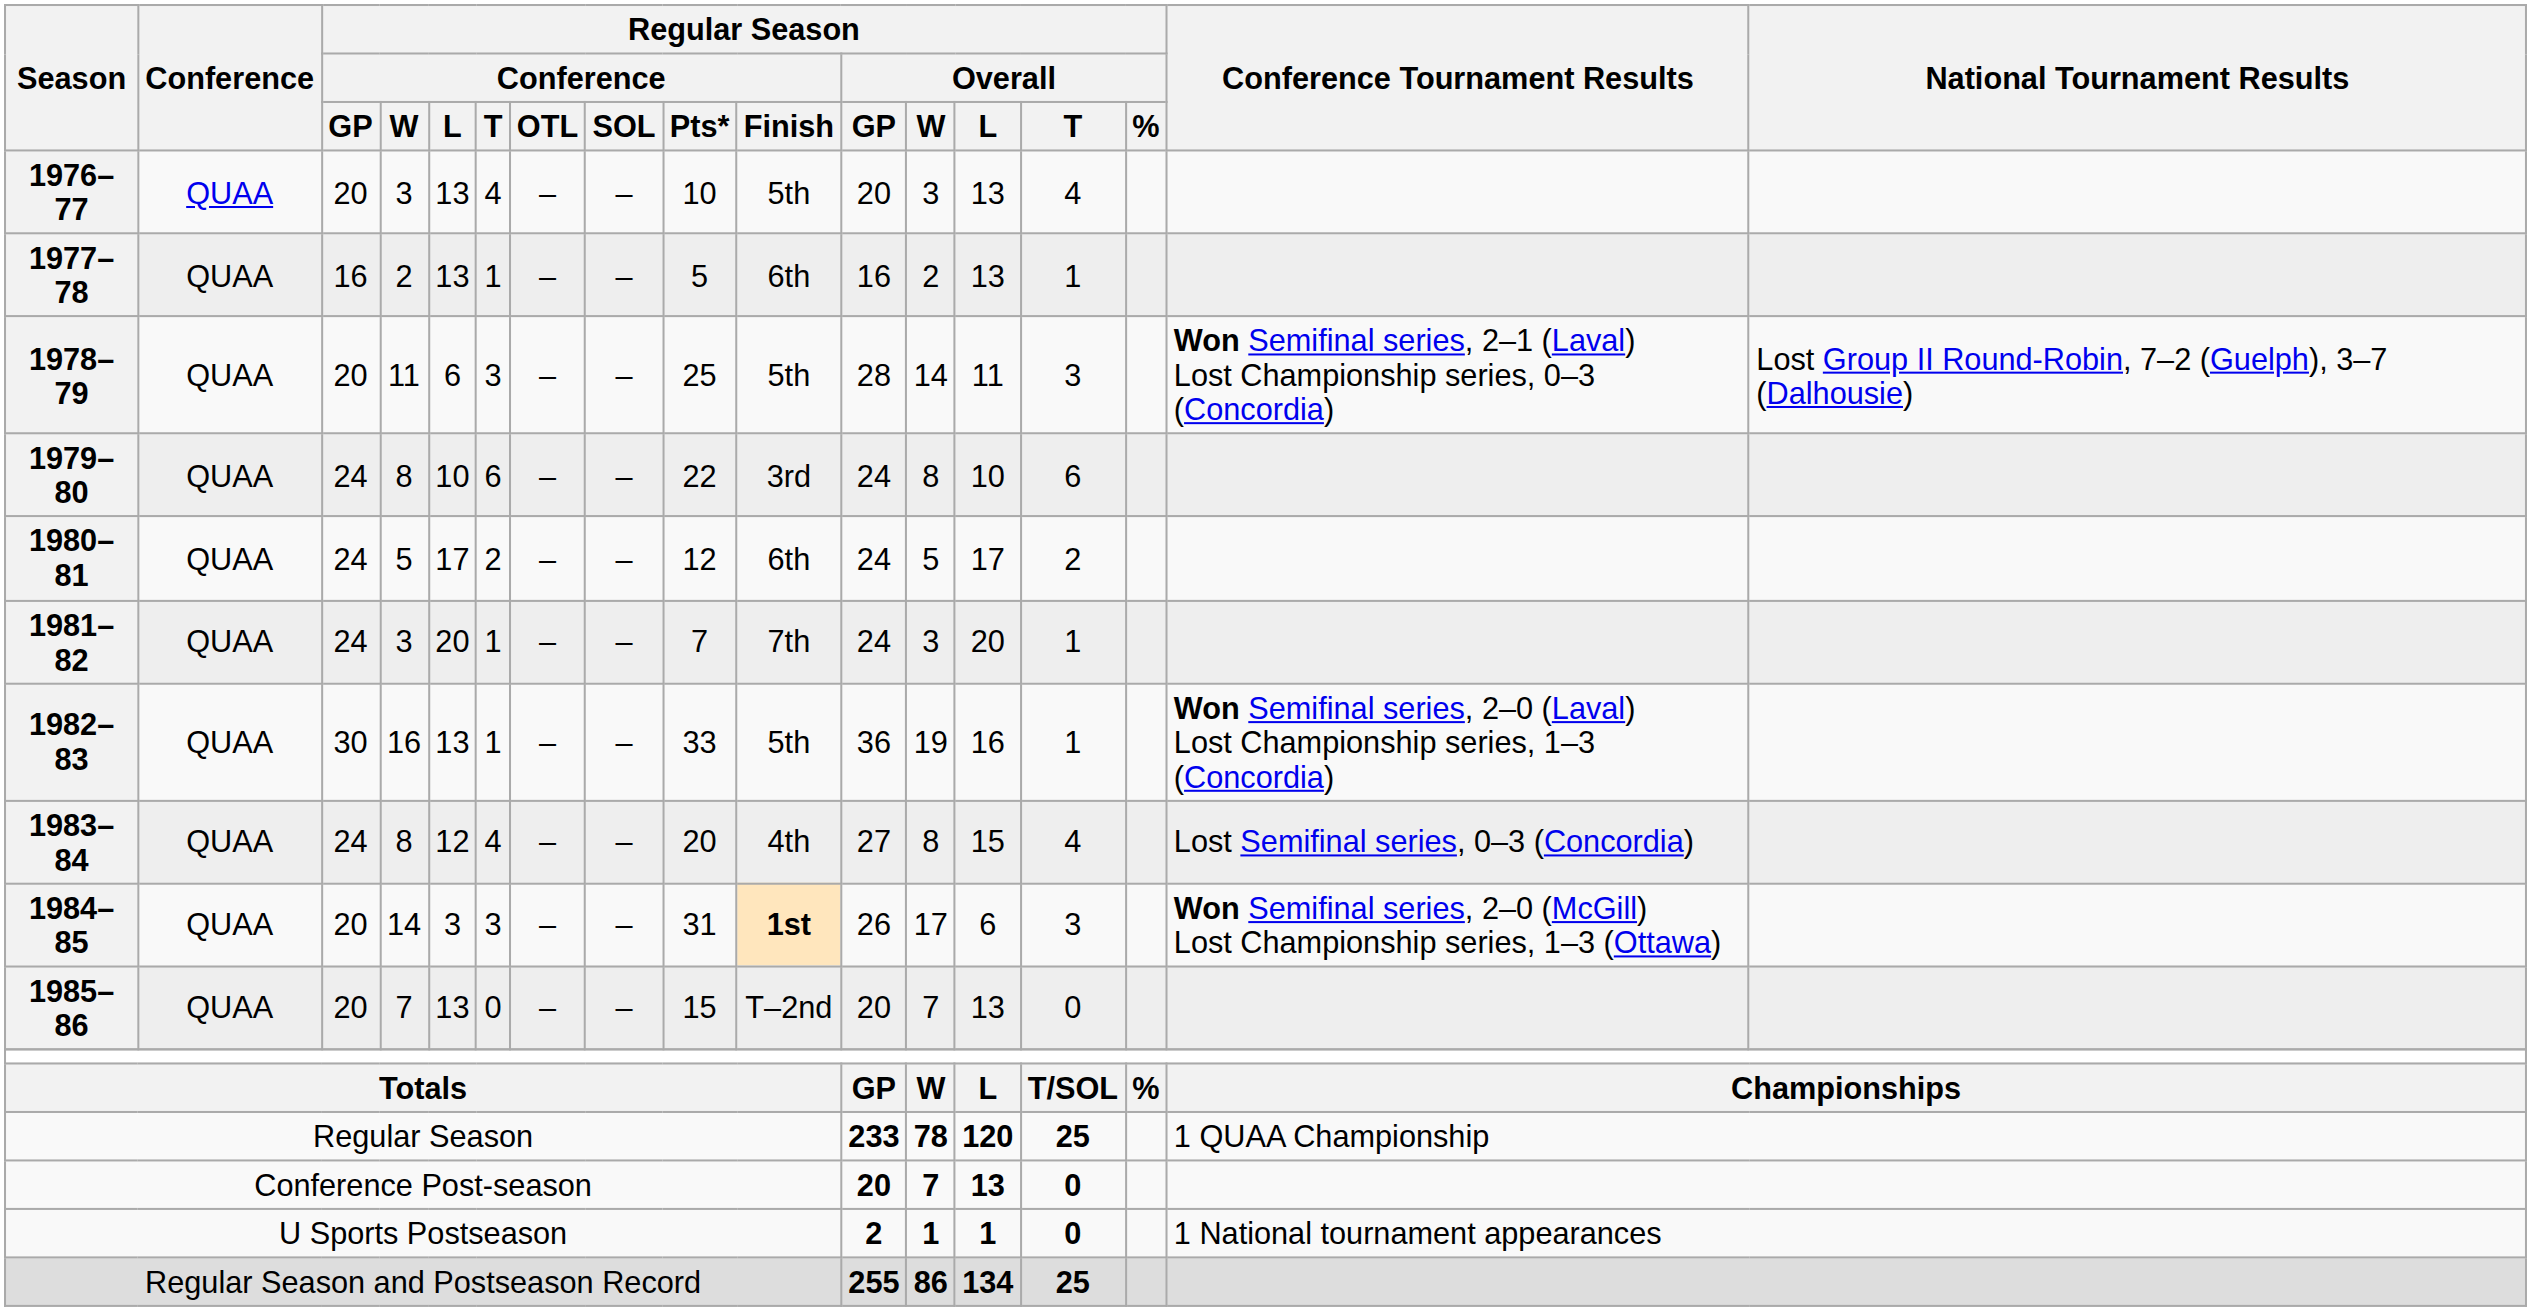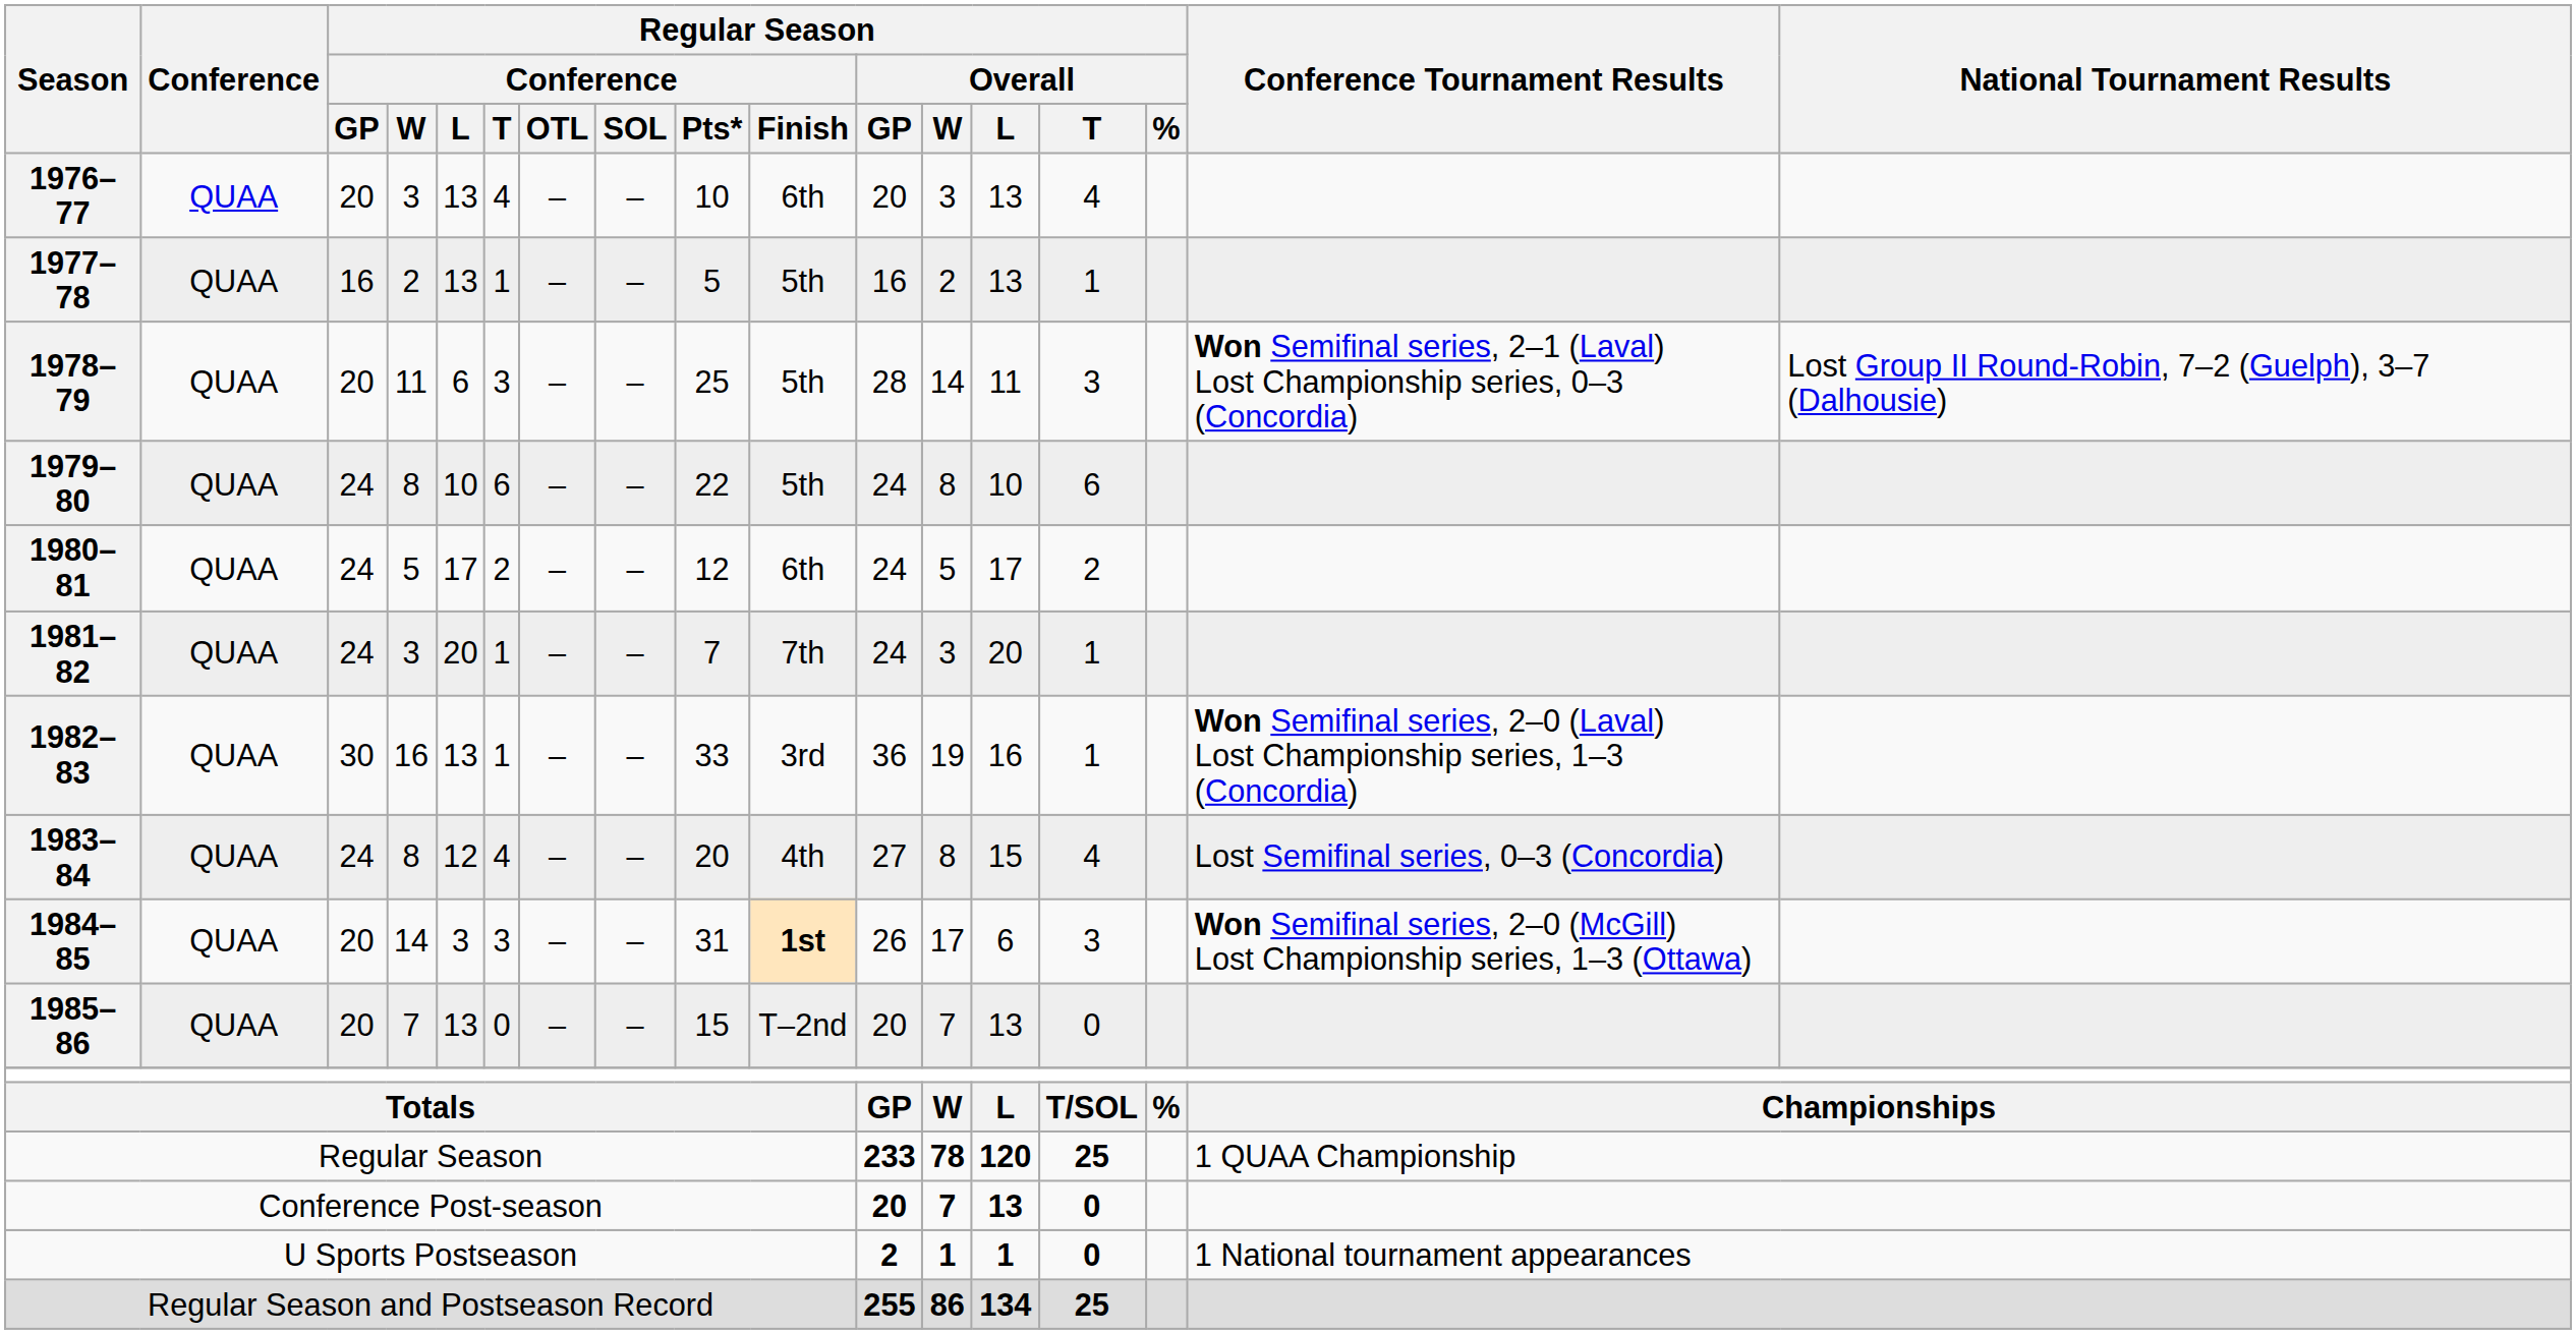 <table class="wikitable" style="text-align: center; font-size: 95%">
 <tr>
 <th rowspan="3">Season</th>
 <th rowspan="3">Conference</th>
 <th colspan="13">Regular Season</th>
 <th rowspan="3">Conference Tournament Results</th>
 <th rowspan="3">National Tournament Results</th>
 </tr>
 <tr>
 <th colspan="8">Conference</th>
 <th colspan="5">Overall</th>
 </tr>
 <tr>
 <th>GP</th>
 <th>W</th>
 <th>L</th>
 <th>T</th>
 <th>OTL</th>
 <th>SOL</th>
 <th>Pts*</th>
 <th>Finish</th>
 <th>GP</th>
 <th>W</th>
 <th>L</th>
 <th>T</th>
 <th>%</th>
 </tr>
 <tr>
 <th>1976–77</th>
 <td><a href='#'>QUAA</a></td>
 <td>20</td>
 <td>3</td>
 <td>13</td>
 <td>4</td>
 <td>–</td>
 <td>–</td>
 <td>10</td>
-<td>5th</td>
+<td>6th</td>
 <td>20</td>
 <td>3</td>
 <td>13</td>
 <td>4</td>
 <td></td>
 <td align="left"></td>
 <td align="left"></td>
 </tr>
 <tr bgcolor=eeeeee>
 <th>1977–78</th>
 <td>QUAA</td>
 <td>16</td>
 <td>2</td>
 <td>13</td>
 <td>1</td>
 <td>–</td>
 <td>–</td>
 <td>5</td>
-<td>6th</td>
+<td>5th</td>
 <td>16</td>
 <td>2</td>
 <td>13</td>
 <td>1</td>
 <td></td>
 <td align="left"></td>
 <td align="left"></td>
 </tr>
 <tr>
 <th>1978–79</th>
 <td>QUAA</td>
 <td>20</td>
 <td>11</td>
 <td>6</td>
 <td>3</td>
 <td>–</td>
 <td>–</td>
 <td>25</td>
 <td>5th</td>
 <td>28</td>
 <td>14</td>
 <td>11</td>
 <td>3</td>
 <td></td>
 <td align="left"><strong>Won</strong> <a href='#'>Semifinal series</a>, 2–1 (<a href='#'>Laval</a>)<br>Lost Championship series, 0–3 (<a href='#'>Concordia</a>)</td>
 <td align="left">Lost <a href='#'>Group II Round-Robin</a>, 7–2 (<a href='#'>Guelph</a>), 3–7 (<a href='#'>Dalhousie</a>)</td>
 </tr>
 <tr bgcolor=eeeeee>
 <th>1979–80</th>
 <td>QUAA</td>
 <td>24</td>
 <td>8</td>
 <td>10</td>
 <td>6</td>
 <td>–</td>
 <td>–</td>
 <td>22</td>
-<td>3rd</td>
+<td>5th</td>
 <td>24</td>
 <td>8</td>
 <td>10</td>
 <td>6</td>
 <td></td>
 <td align="left"></td>
 <td align="left"></td>
 </tr>
 <tr>
 <th>1980–81</th>
 <td>QUAA</td>
 <td>24</td>
 <td>5</td>
 <td>17</td>
 <td>2</td>
 <td>–</td>
 <td>–</td>
 <td>12</td>
 <td>6th</td>
 <td>24</td>
 <td>5</td>
 <td>17</td>
 <td>2</td>
 <td></td>
 <td align="left"></td>
 <td align="left"></td>
 </tr>
 <tr bgcolor=eeeeee>
 <th>1981–82</th>
 <td>QUAA</td>
 <td>24</td>
 <td>3</td>
 <td>20</td>
 <td>1</td>
 <td>–</td>
 <td>–</td>
 <td>7</td>
 <td>7th</td>
 <td>24</td>
 <td>3</td>
 <td>20</td>
 <td>1</td>
 <td></td>
 <td align="left"></td>
 <td align="left"></td>
 </tr>
 <tr>
 <th>1982–83</th>
 <td>QUAA</td>
 <td>30</td>
 <td>16</td>
 <td>13</td>
 <td>1</td>
 <td>–</td>
 <td>–</td>
 <td>33</td>
-<td>5th</td>
+<td>3rd</td>
 <td>36</td>
 <td>19</td>
 <td>16</td>
 <td>1</td>
 <td></td>
 <td align="left"><strong>Won</strong> <a href='#'>Semifinal series</a>, 2–0 (<a href='#'>Laval</a>)<br>Lost Championship series, 1–3 (<a href='#'>Concordia</a>)</td>
 <td align="left"></td>
 </tr>
 <tr bgcolor=eeeeee>
 <th>1983–84</th>
 <td>QUAA</td>
 <td>24</td>
 <td>8</td>
 <td>12</td>
 <td>4</td>
 <td>–</td>
 <td>–</td>
 <td>20</td>
 <td>4th</td>
 <td>27</td>
 <td>8</td>
 <td>15</td>
 <td>4</td>
 <td></td>
 <td align="left">Lost <a href='#'>Semifinal series</a>, 0–3 (<a href='#'>Concordia</a>)</td>
 <td align="left"></td>
 </tr>
 <tr>
 <th>1984–85</th>
 <td>QUAA</td>
 <td>20</td>
 <td>14</td>
 <td>3</td>
 <td>3</td>
 <td>–</td>
 <td>–</td>
 <td>31</td>
 <td style="background: #FFE6BD;"><strong>1st</strong></td>
 <td>26</td>
 <td>17</td>
 <td>6</td>
 <td>3</td>
 <td></td>
 <td align="left"><strong>Won</strong> <a href='#'>Semifinal series</a>, 2–0 (<a href='#'>McGill</a>)<br>Lost Championship series, 1–3 (<a href='#'>Ottawa</a>)</td>
 <td align="left"></td>
 </tr>
 <tr bgcolor=eeeeee>
 <th>1985–86</th>
 <td>QUAA</td>
 <td>20</td>
 <td>7</td>
 <td>13</td>
 <td>0</td>
 <td>–</td>
 <td>–</td>
 <td>15</td>
 <td>T–2nd</td>
 <td>20</td>
 <td>7</td>
 <td>13</td>
 <td>0</td>
 <td></td>
 <td align="left"></td>
 <td align="left"></td>
 </tr>
 <tr>
 </tr>
 <tr ->
 </tr>
 <tr>
 <td colspan="17" style="background:#fff;"></td>
 </tr>
 <tr>
 <th colspan="10">Totals</th>
 <th>GP</th>
 <th>W</th>
 <th>L</th>
 <th>T/SOL</th>
 <th>%</th>
 <th colspan="2">Championships</th>
 </tr>
 <tr>
 <td colspan="10">Regular Season</td>
 <td><strong>233</strong></td>
 <td><strong>78</strong></td>
 <td><strong>120</strong></td>
 <td><strong>25</strong></td>
 <td><strong></strong></td>
 <td colspan="2" align="left">1 QUAA Championship</td>
 </tr>
 <tr>
 <td colspan="10">Conference Post-season</td>
 <td><strong>20</strong></td>
 <td><strong>7</strong></td>
 <td><strong>13</strong></td>
 <td><strong>0</strong></td>
 <td><strong></strong></td>
 <td colspan="2" align="left"></td>
 </tr>
 <tr>
 <td colspan="10">U Sports Postseason</td>
 <td><strong>2</strong></td>
 <td><strong>1</strong></td>
 <td><strong>1</strong></td>
 <td><strong>0</strong></td>
 <td><strong></strong></td>
 <td colspan="2" align="left">1 National tournament appearances</td>
 </tr>
 <tr bgcolor=dddddd>
 <td colspan="10">Regular Season and Postseason Record</td>
 <td><strong>255</strong></td>
 <td><strong>86</strong></td>
 <td><strong>134</strong></td>
 <td><strong>25</strong></td>
 <td><strong></strong></td>
 <td colspan="2" align="left"></td>
 </tr>
 </table>
